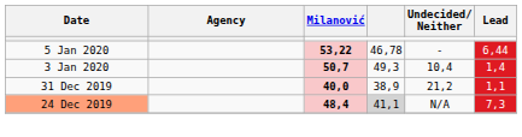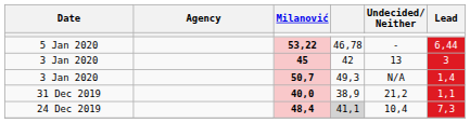 <table class="wikitable" style="text-align:center; font-size:90%">
 <tr>
 <th style="width:150px;" rowspan="2">Date</th>
 <th style="width:165px;" rowspan="2">Agency</th>
 <th><a href='#'>Milanović</a></th>
 <th></th>
 <th style="width:40px;" rowspan="2">Undecided/<br>Neither</th>
 <th style="width:40px;" rowspan="2">Lead</th>
 </tr>
 <tr>
 </tr>
 <tr>
 <th style="background:"></th>
 <th style="background:"></th>
 </tr>
 <tr>
 <td>5 Jan 2020</td>
 <td></td>
 <td style="background:#F9C8CA"><strong>53,22</strong></td>
 <td>46,78</td>
 <td>-</td>
 <td style="background:#DF1A22; color:white;">6,44</td>
 </tr>
 <tr>
 <td>3 Jan 2020</td>
 <td></td>
+<td style="background:#F9C8CA"><strong>45</strong></td>
+<td>42</td>
+<td>13</td>
+<td style="background:#DF1A22; color:white;">3</td>
+</tr>
+<tr>
+<td>3 Jan 2020</td>
+<td></td>
 <td style="background:#F9C8CA"><strong>50,7</strong></td>
 <td>49,3</td>
-<td>10,4</td>
+<td>N/A</td>
 <td style="background:#DF1A22; color:white;">1,4</td>
 </tr>
 <tr>
 <td>31 Dec 2019</td>
 <td></td>
 <td style="background:#F9C8CA"><strong>40,0</strong></td>
 <td>38,9</td>
 <td>21,2</td>
 <td style="background:#DF1A22; color:white;">1,1</td>
 </tr>
 <tr>
-<td style="background: lightsalmon;">24 Dec 2019</td>
+<td>24 Dec 2019</td>
 <td></td>
 <td style="background:#F9C8CA"><strong>48,4</strong></td>
 <td style="background: lightgrey;">41,1</td>
-<td>N/A</td>
+<td>10,4</td>
 <td style="background:#DF1A22; color:white;">7,3</td>
 </tr>
 <tr>
 </tr>
 </table>
